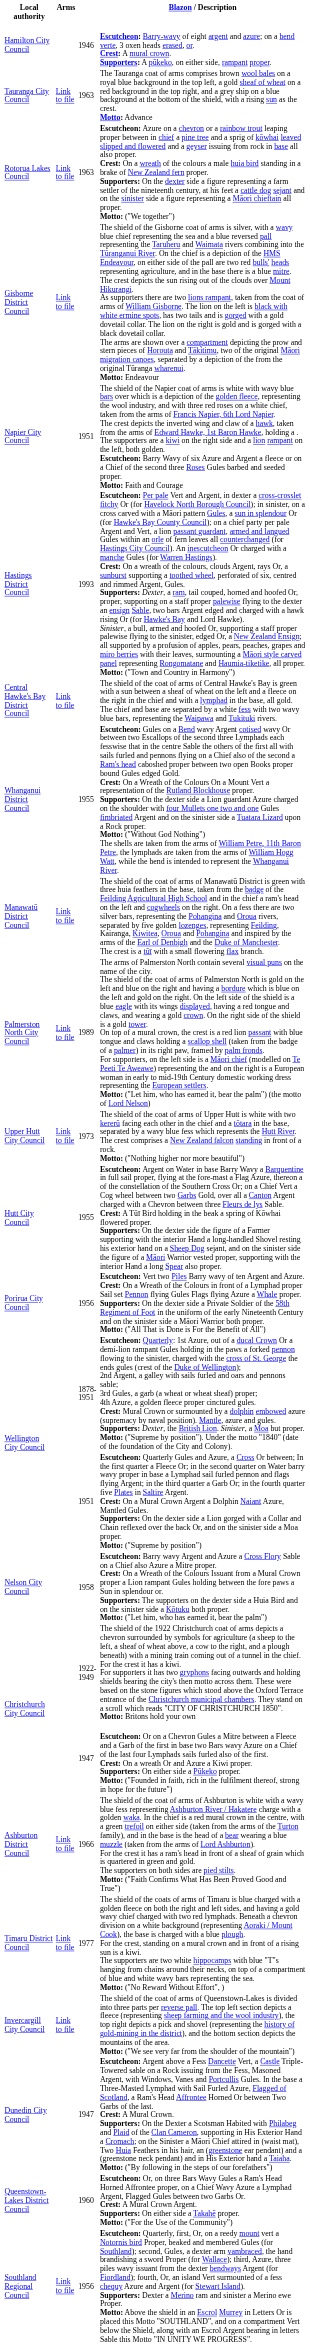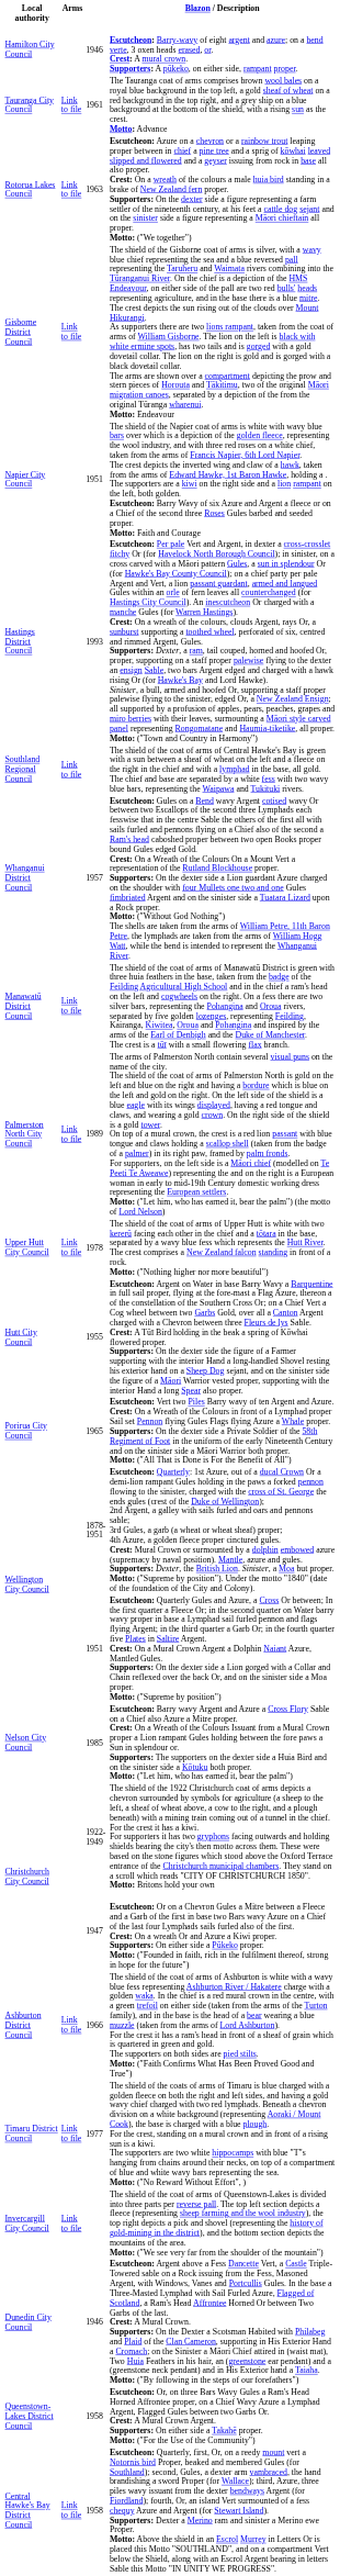 <table>
 <tr style="vertical-align:top; text-align:center;">
 <th scope="col">Local authority</th>
 <th scope="col">Arms</th>
 <th scope="col"></th>
 <th scope="col"><a href='#'>Blazon</a> / Description</th>
 <th scope="col"></th>
 </tr>
 <tr>
 <td><a href='#'>Hamilton City Council</a></td>
 <td></td>
 <td>1946</td>
 <td><br><strong><a href='#'>Escutcheon</a>:</strong> <a href='#'>Barry-wavy</a> of eight <a href='#'>argent</a> and <a href='#'>azure</a>; on a <a href='#'>bend</a> <a href='#'>verte</a>, 3 oxen heads <a href='#'>erased</a>, <a href='#'>or</a>.<br><strong><a href='#'>Crest</a>:</strong> A <a href='#'>mural crown</a>.<br><strong><a href='#'>Supporters</a>:</strong> A <a href='#'>pūkeko</a>, on either side, <a href='#'>rampant</a> <a href='#'>proper</a>.</td>
 <td></td>
 </tr>
 <tr>
 <td><a href='#'>Tauranga City Council</a></td>
 <td><a href='#'>Link to file</a></td>
-<td>1963</td>
+<td>1961</td>
 <td>The Tauranga coat of arms comprises brown <a href='#'>wool bales</a> on a royal blue background in the top left, a gold <a href='#'>sheaf of wheat</a> on a red background in the top right, and a grey ship on a blue background at the bottom of the shield, with a rising <a href='#'>sun</a> as the crest.<br><strong><a href='#'>Motto</a>:</strong> Advance</td>
 <td></td>
 </tr>
 <tr>
 <td><a href='#'>Rotorua Lakes Council</a></td>
 <td><a href='#'>Link to file</a></td>
 <td>1963</td>
 <td><strong>Escutcheon:</strong> Azure on a <a href='#'>chevron</a> or a <a href='#'>rainbow trout</a> leaping proper between in <a href='#'>chief</a> a <a href='#'>pine tree</a> and a sprig of <a href='#'>kōwhai</a> <a href='#'>leaved slipped and flowered</a> and a <a href='#'>geyser</a> issuing from rock in <a href='#'>base</a> all also proper.<br><strong>Crest:</strong> On a <a href='#'>wreath</a> of the colours a male <a href='#'>huia bird</a> standing in a brake of <a href='#'>New Zealand fern</a> proper.<br><strong>Supporters:</strong> On the <a href='#'>dexter</a> side a figure representing a farm settler of the nineteenth century, at his feet a <a href='#'>cattle dog</a> <a href='#'>sejant</a> and on the <a href='#'>sinister</a> side a figure representing a <a href='#'>Māori chieftain</a> all proper.<br><strong>Motto:</strong>  ("We together")</td>
 <td></td>
 </tr>
 <tr>
 <td><a href='#'>Gisborne District Council</a></td>
 <td><a href='#'>Link to file</a></td>
 <td></td>
 <td>The shield of the Gisborne coat of arms is silver, with a <a href='#'>wavy</a> blue chief representing the sea and a blue reversed <a href='#'>pall</a> representing the <a href='#'>Taruheru</a> and <a href='#'>Waimata</a> rivers combining into the <a href='#'>Tūranganui River</a>. On the chief is a depiction of the <a href='#'>HMS Endeavour</a>, on either side of the pall are two red <a href='#'>bulls'</a> <a href='#'>heads</a> representing agriculture, and in the base there is a blue <a href='#'>mitre</a>.<br>The crest depicts the sun rising out of the clouds over <a href='#'>Mount Hikurangi</a>.<br>As supporters there are two <a href='#'>lions rampant</a>, taken from the coat of arms of <a href='#'>William Gisborne</a>. The lion on the left is <a href='#'>black with white ermine spots</a>, has two tails and is <a href='#'>gorged</a> with a gold dovetail collar. The lion on the right is gold and is gorged with a black dovetail collar.<br>The arms are shown over a <a href='#'>compartment</a> depicting the prow and stern pieces of <a href='#'>Horouta</a> and <a href='#'>Tākitimu</a>, two of the original <a href='#'>Māori migration canoes</a>, separated by a depiction of the  from the original Tūranga <a href='#'>wharenui</a>.<br><strong>Motto:</strong> Endeavour</td>
 <td></td>
 </tr>
 <tr>
 <td><a href='#'>Napier City Council</a></td>
 <td></td>
 <td>1951</td>
 <td>The shield of the Napier coat of arms is white with wavy blue <a href='#'>bars</a> over which is a depiction of the <a href='#'>golden fleece</a>, representing the wool industry, and with three red roses on a white chief, taken from the arms of <a href='#'>Francis Napier, 6th Lord Napier</a>.<br>The crest depicts the inverted wing and claw of a <a href='#'>hawk</a>, taken from the arms of <a href='#'>Edward Hawke, 1st Baron Hawke</a>, holding a .<br>The supporters are a <a href='#'>kiwi</a> on the right side and a <a href='#'>lion</a> <a href='#'>rampant</a> on the left, both golden.<br><strong>Escutcheon:</strong> Barry Wavy of six Azure and Argent a fleece or on a Chief of the second three <a href='#'>Roses</a> Gules barbed and seeded proper.<br><strong>Motto:</strong> Faith and Courage</td>
 <td></td>
 </tr>
 <tr>
 <td><a href='#'>Hastings District Council</a></td>
 <td></td>
 <td>1993</td>
 <td><strong>Escutcheon:</strong> <a href='#'>Per pale</a> Vert and Argent, in dexter a <a href='#'>cross-crosslet fitchy</a> Or (for <a href='#'>Havelock North Borough Council</a>); in sinister, on a cross carved with a Māori pattern <a href='#'>Gules</a>, a <a href='#'>sun in splendour</a> Or (for <a href='#'>Hawke's Bay County Council</a>); on a chief party per pale Argent and Vert, a lion <a href='#'>passant guardant</a>, <a href='#'>armed and langued</a> Gules within an <a href='#'>orle</a> of fern leaves all <a href='#'>counterchanged</a> (for <a href='#'>Hastings City Council</a>). An <a href='#'>inescutcheon</a> Or charged with a <a href='#'>manche</a> Gules (for <a href='#'>Warren Hastings</a>).<br><strong>Crest:</strong> On a wreath of the colours, clouds Argent, rays Or, a <a href='#'>sunburst</a> supporting a <a href='#'>toothed wheel</a>, perforated of six, centred and rimmed Argent, Gules.<br><strong>Supporters:</strong> <em>Dexter</em>, a <a href='#'>ram</a>, tail couped, horned and hoofed Or, proper, supporting on a staff proper <a href='#'>palewise</a> flying to the dexter an <a href='#'>ensign</a> <a href='#'>Sable</a>, two bars Argent edged and charged with a hawk rising Or (for <a href='#'>Hawke's Bay</a> and Lord Hawke).<br><em>Sinister</em>, a bull, armed and hoofed Or, supporting a staff proper palewise flying to the sinister, edged Or, a <a href='#'>New Zealand Ensign</a>; all supported by a profusion of apples, pears, peaches, grapes and <a href='#'>miro berries</a> with their leaves, surmounting a <a href='#'>Māori style carved panel</a> representing <a href='#'>Rongomatane</a> and <a href='#'>Haumia-tiketike</a>, all proper.<br><strong>Motto:</strong>  ("Town and Country in Harmony")</td>
 <td></td>
 </tr>
 <tr>
-<td><a href='#'>Central Hawke's Bay District Council</a></td>
+<td><a href='#'>Southland Regional Council</a></td>
 <td><a href='#'>Link to file</a></td>
 <td></td>
 <td>The shield of the coat of arms of Central Hawke's Bay is green with a sun between a sheaf of wheat on the left and a fleece on the right in the chief and with a <a href='#'>lymphad</a> in the base, all gold. The chief and base are separated by a white <a href='#'>fess</a> with two wavy blue bars, representing the <a href='#'>Waipawa</a> and <a href='#'>Tukituki</a> rivers.</td>
 <td></td>
 </tr>
 <tr>
 <td><a href='#'>Whanganui District Council</a></td>
 <td></td>
-<td>1955</td>
+<td>1957</td>
 <td><strong>Escutcheon:</strong> Gules on a <a href='#'>Bend</a> wavy Argent <a href='#'>cotised</a> wavy Or between two Escallops of the second three Lymphads each fesswise that in the centre Sable the others of the first all with sails furled and pennons flying on a Chief also of the second a <a href='#'>Ram's head</a> caboshed proper between two open Books proper bound Gules edged Gold.<br><strong>Crest:</strong> On a Wreath of the Colours On a Mount Vert a representation of the <a href='#'>Rutland Blockhouse</a> proper.<br><strong>Supporters:</strong> On the dexter side a Lion guardant Azure charged on the shoulder with <a href='#'>four Mullets one two and one</a> Gules <a href='#'>fimbriated</a> Argent and on the sinister side a <a href='#'>Tuatara Lizard</a> upon a Rock proper.<br><strong>Motto:</strong>  ("Without God Nothing")<br>The shells are taken from the arms of <a href='#'>William Petre, 11th Baron Petre</a>, the lymphads are taken from the arms of <a href='#'>William Hogg Watt</a>, while the bend is intended to represent the <a href='#'>Whanganui River</a>.</td>
 <td></td>
 </tr>
 <tr>
 <td><a href='#'>Manawatū District Council</a></td>
 <td><a href='#'>Link to file</a></td>
 <td></td>
 <td>The shield of the coat of arms of Manawatū District is green with three huia feathers in the base, taken from the <a href='#'>badge</a> of the <a href='#'>Feilding Agricultural High School</a> and in the chief a ram's head on the left and <a href='#'>cogwheels</a> on the right. On a fess there are two silver bars, representing the <a href='#'>Pohangina</a> and <a href='#'>Oroua</a> rivers, separated by five golden <a href='#'>lozenges</a>, representing <a href='#'>Feilding</a>, Kairanga, <a href='#'>Kiwitea</a>, <a href='#'>Oroua</a> and <a href='#'>Pohangina</a> and inspired by the arms of the <a href='#'>Earl of Denbigh</a> and the <a href='#'>Duke of Manchester</a>.<br>The crest is a <a href='#'>tūī</a> with a small flowering <a href='#'>flax</a> branch.</td>
 <td></td>
 </tr>
 <tr>
 <td><a href='#'>Palmerston North City Council</a></td>
 <td><a href='#'>Link to file</a></td>
 <td>1989</td>
 <td>The arms of Palmerston North contain several <a href='#'>visual puns</a> on the name of the city.<br>The shield of the coat of arms of Palmerston North is gold on the left and blue on the right and having a <a href='#'>bordure</a> which is blue on the left and gold on the right. On the left side of the shield is a blue <a href='#'>eagle</a> with its wings <a href='#'>displayed</a>, having a red tongue and claws, and wearing a gold <a href='#'>crown</a>. On the right side of the shield is a gold <a href='#'>tower</a>.<br>On top of a mural crown, the crest is a red lion <a href='#'>passant</a> with blue tongue and claws holding a <a href='#'>scallop shell</a> (taken from the badge of a <a href='#'>palmer</a>) in its right paw, framed by <a href='#'>palm fronds</a>.<br>For supporters, on the left side is a <a href='#'>Māori chief</a> (modelled on <a href='#'>Te Peeti Te Aweawe</a>) representing the  and on the right is a European woman in early to mid-19th Century domestic working dress representing the <a href='#'>European settlers</a>.<br><strong>Motto:</strong>  ("Let him, who has earned it, bear the palm") (the motto of <a href='#'>Lord Nelson</a>)</td>
 <td></td>
 </tr>
 <tr>
 <td><a href='#'>Upper Hutt City Council</a></td>
 <td><a href='#'>Link to file</a></td>
-<td>1973</td>
+<td>1978</td>
 <td>The shield of the coat of arms of Upper Hutt is white with two <a href='#'>kererū</a> facing each other in the chief and a <a href='#'>tōtara</a> in the base, separated by a wavy blue fess which represents the <a href='#'>Hutt River</a>.<br>The crest comprises a <a href='#'>New Zealand falcon</a> <a href='#'>standing</a> in front of a rock.<br><strong>Motto:</strong>  ("Nothing higher nor more beautiful")</td>
 <td></td>
 </tr>
 <tr>
 <td><a href='#'>Hutt City Council</a></td>
 <td></td>
 <td>1955</td>
 <td><strong>Escutcheon:</strong> Argent on Water in base Barry Wavy a <a href='#'>Barquentine</a> in full sail proper, flying at the fore-mast a Flag Azure, thereon a  of the constellation of the Southern Cross Or; on a Chief Vert a Cog wheel between two <a href='#'>Garbs</a> Gold, over all a <a href='#'>Canton</a> Argent charged with a Chevron between three <a href='#'>Fleurs de lys</a> Sable.<br><strong>Crest:</strong> A Tūī Bird holding in the beak a spring of Kōwhai flowered proper.<br><strong>Supporters:</strong> On the dexter side the figure of a Farmer supporting with the interior Hand a long-handled Shovel resting his exterior hand on a <a href='#'>Sheep Dog</a> sejant, and on the sinister side the figure of a <a href='#'>Māori</a> Warrior vested proper, supporting with the interior Hand a long <a href='#'>Spear</a> also proper.</td>
 <td></td>
 </tr>
 <tr>
 <td><a href='#'>Porirua City Council</a></td>
 <td></td>
-<td>1956</td>
+<td>1965</td>
 <td><strong>Escutcheon:</strong> Vert two <a href='#'>Piles</a> Barry wavy of ten Argent and Azure.<br><strong>Crest:</strong> On a Wreath of the Colours in front of a Lymphad proper Sail set <a href='#'>Pennon</a> flying Gules Flags flying Azure a <a href='#'>Whale</a> proper.<br><strong>Supporters:</strong> On the dexter side a Private Soldier of the <a href='#'>58th Regiment of Foot</a> in the uniform of the early Nineteenth Century and on the sinister side a Māori Warrior both proper.<br><strong>Motto:</strong>  ("All That is Done is For the Benefit of All")</td>
 <td></td>
 </tr>
 <tr>
 <td rowspan="2"><a href='#'>Wellington City Council</a></td>
 <td></td>
 <td>1878-1951</td>
 <td><strong>Escutcheon:</strong> <a href='#'>Quarterly</a>: 1st Azure, out of a <a href='#'>ducal Crown</a> Or a demi-lion rampant Gules holding in the paws a forked <a href='#'>pennon</a> flowing to the sinister, charged with the <a href='#'>cross of St. George</a> the ends gules (crest of the <a href='#'>Duke of Wellington</a>);<br>2nd Argent, a galley with sails furled and oars and pennons sable;<br>3rd Gules, a garb (a wheat or wheat sheaf) proper;<br>4th Azure, a golden fleece proper cinctured gules.<br><strong>Crest:</strong> Mural Crown or surmounted by a <a href='#'>dolphin</a> <a href='#'>embowed</a> azure (supremacy by naval position). <a href='#'>Mantle</a>, azure and gules.<br><strong>Supporters:</strong> <em>Dexter</em>, the <a href='#'>British Lion</a>. <em>Sinister</em>, a <a href='#'>Moa</a> but proper.<br><strong>Motto:</strong>  ("Supreme by position"). Under the motto "1840" (date of the foundation of the City and Colony).</td>
 <td></td>
 </tr>
 <tr>
 <td></td>
 <td>1951</td>
 <td><strong>Escutcheon:</strong> Quarterly Gules and Azure, a <a href='#'>Cross</a> Or between; In the first quarter a Fleece Or; in the second quarter on Water barry wavy proper in base a Lymphad sail furled pennon and flags flying Argent; in the third quarter a Garb Or; in the fourth quarter five <a href='#'>Plates</a> in <a href='#'>Saltire</a> Argent.<br><strong>Crest:</strong> On a Mural Crown Argent a Dolphin <a href='#'>Naiant</a> Azure, Mantled Gules.<br><strong>Supporters:</strong> On the dexter side a Lion gorged with a Collar and Chain reflexed over the back Or, and on the sinister side a Moa proper.<br><strong>Motto:</strong>  ("Supreme by position")</td>
 <td></td>
 </tr>
 <tr>
 <td><a href='#'>Nelson City Council</a></td>
 <td></td>
-<td>1958</td>
+<td>1985</td>
 <td><strong>Escutcheon:</strong> Barry wavy Argent and Azure a <a href='#'>Cross Flory</a> Sable on a Chief also Azure a Mitre proper.<br><strong>Crest:</strong> On a Wreath of the Colours Issuant from a Mural Crown proper a Lion rampant Gules holding between the fore paws a Sun in splendour or.<br><strong>Supporters:</strong> The supporters on the dexter side a Huia Bird and on the sinister side a <a href='#'>Kōtuku</a> both proper.<br><strong>Motto:</strong>  ("Let him, who has earned it, bear the palm")</td>
 <td></td>
 </tr>
 <tr>
 <td rowspan="2"><a href='#'>Christchurch City Council</a></td>
 <td></td>
 <td>1922-1949</td>
 <td>The shield of the 1922 Christchurch coat of arms depicts a chevron surrounded by symbols for agriculture (a sheep to the left, a sheaf of wheat above, a cow to the right, and a plough beneath) with a mining train coming out of a tunnel in the chief.<br>For the crest it has a kiwi.<br>For supporters it has two <a href='#'>gryphons</a> facing outwards and holding shields bearing the city's then motto across them. These were based on the stone figures which stood above the Oxford Terrace entrance of the <a href='#'>Christchurch municipal chambers</a>. They stand on a scroll which reads "CITY OF CHRISTCHURCH 1850".<br><strong>Motto:</strong> Britons hold your own</td>
 <td></td>
 </tr>
 <tr>
 <td></td>
 <td>1947</td>
 <td><br><strong>Escutcheon:</strong> Or on a Chevron Gules a Mitre between a Fleece and a Garb of the first in base two Bars wavy Azure on a Chief of the last four Lymphads sails furled also of the first.<br><strong>Crest:</strong> On a wreath Or and Azure a Kiwi proper.<br><strong>Supporters:</strong> On either side a <a href='#'>Pūkeko</a> proper.<br><strong>Motto:</strong>  ("Founded in faith, rich in the fulfilment thereof, strong in hope for the future")</td>
 <td></td>
 </tr>
 <tr>
 <td><a href='#'>Ashburton District Council</a></td>
 <td><a href='#'>Link to file</a></td>
 <td>1966</td>
 <td>The shield of the coat of arms of Ashburton is white with a wavy blue fess representing <a href='#'>Ashburton River / Hakatere</a> charge with a golden <a href='#'>waka</a>. In the chief is a red mural crown in the centre, with a green <a href='#'>trefoil</a> on either side (taken from the arms of the <a href='#'>Turton</a> family), and in the base is the head of a <a href='#'>bear</a> wearing a blue <a href='#'>muzzle</a> (taken from the arms of <a href='#'>Lord Ashburton</a>).<br>For the crest it has a ram's head in front of a sheaf of grain which is quartered in green and gold.<br>The supporters on both sides are <a href='#'>pied stilts</a>.<br><strong>Motto:</strong>  ("Faith Confirms What Has Been Proved Good and True")</td>
 <td></td>
 </tr>
 <tr>
 <td><a href='#'>Timaru District Council</a></td>
 <td><a href='#'>Link to file</a></td>
 <td>1977</td>
 <td>The shield  of the coats of arms of Timaru is blue charged with a golden fleece on both the right and left sides, and having a gold wavy chief charged with two red lymphads. Beneath a chevron division on a white background (representing <a href='#'>Aoraki / Mount Cook</a>), the base is charged with a blue <a href='#'>plough</a>.<br>For the crest, standing on a mural crown and in front of a rising sun is a kiwi.<br>The supporters are two white <a href='#'>hippocamps</a> with blue "T"s hanging from chains around their necks, on top of a compartment of blue and white wavy bars representing the sea.<br><strong>Motto:</strong>  ("No Reward Without Effort", )</td>
 <td></td>
 </tr>
 <tr>
 <td><a href='#'>Invercargill City Council</a></td>
 <td><a href='#'>Link to file</a></td>
 <td></td>
 <td>The shield of the coat of arms of Queenstown-Lakes is divided into three parts per <a href='#'>reverse pall</a>. The top left section depicts a fleece (representing <a href='#'>sheep farming and the wool industry</a>), the top right depicts a pick and shovel (representing the <a href='#'>history of gold-mining in the district</a>), and the bottom section depicts the mountains of the area.<br><strong>Motto:</strong>  ("We see very far from the shoulder of the mountain")</td>
 <td></td>
 </tr>
 <tr>
 <td><a href='#'>Dunedin City Council</a></td>
 <td></td>
-<td>1947</td>
+<td>1946</td>
 <td><strong>Escutcheon:</strong> Argent above a Fess <a href='#'>Dancette</a> Vert, a <a href='#'>Castle</a> Triple-Towered sable on a Rock issuing from the Fess, Masoned Argent, with Windows, Vanes and <a href='#'>Portcullis</a> Gules. In the base a Three-Masted Lymphad with Sail Furled Azure, <a href='#'>Flagged of Scotland</a>, a Ram's Head <a href='#'>Affrontee</a> Horned Or between Two Garbs of the last.<br><strong>Crest:</strong> A Mural Crown.<br><strong>Supporters:</strong> On the Dexter a Scotsman Habited with <a href='#'>Philabeg</a> and <a href='#'>Plaid</a> of the <a href='#'>Clan Cameron</a>, supporting in His Exterior Hand a <a href='#'>Cromach</a>; on the Sinister a Māori Chief attired in  (waist mat), Two <a href='#'>Huia</a> Feathers in his hair, an  (<a href='#'>greenstone</a> ear pendant) and a  (greenstone neck pendant) and in His Exterior hand a <a href='#'>Taiaha</a>.<br><strong>Motto:</strong>  ("By following in the steps of our forefathers")</td>
 <td></td>
 </tr>
 <tr>
 <td><a href='#'>Queenstown-Lakes District Council</a></td>
 <td></td>
-<td>1960</td>
+<td>1958</td>
 <td><strong>Escutcheon:</strong> Or, on three Bars Wavy Gules a Ram's Head Horned Affrontee proper, on a Chief Wavy Azure a Lymphad Argent, Flagged Gules between two Garbs Or.<br><strong>Crest:</strong> A Mural Crown Argent.<br><strong>Supporters:</strong> On either side a <a href='#'>Takahē</a> proper.<br><strong>Motto:</strong>  ("For the Use of the Community")</td>
 <td></td>
 </tr>
 <tr>
-<td><a href='#'>Southland Regional Council</a></td>
+<td><a href='#'>Central Hawke's Bay District Council</a></td>
 <td><a href='#'>Link to file</a></td>
-<td>1956</td>
+<td>1958</td>
 <td><strong>Escutcheon:</strong> Quarterly, first, Or, on a reedy <a href='#'>mount</a> vert a <a href='#'>Notornis bird</a> Proper, beaked and membered Gules (for <a href='#'>Southland</a>); second, Gules, a dexter arm <a href='#'>vambraced</a>, the hand brandishing a sword Proper (for <a href='#'>Wallace</a>); third, Azure, three piles wavy issuant from the dexter <a href='#'>bendways</a> Argent (for <a href='#'>Fiordland</a>); fourth, Or, an island Vert surmounted of a fess <a href='#'>chequy</a> Azure and Argent (for <a href='#'>Stewart Island</a>).<br><strong>Supporters:</strong> Dexter a <a href='#'>Merino</a> ram and sinister a Merino ewe Proper.<br><strong>Motto:</strong> Above the shield in an <a href='#'>Escrol</a> <a href='#'>Murrey</a> in Letters Or is placed this Motto "SOUTHLAND", and on a compartment Vert below the Shield, along with an Escrol Argent bearing in letters Sable this Motto "IN UNITY WE PROGRESS".</td>
 <td></td>
 </tr>
 <tr>
 </tr>
 </table>
